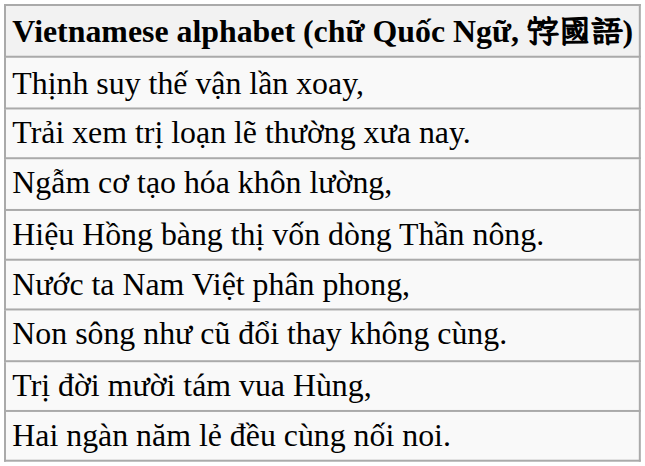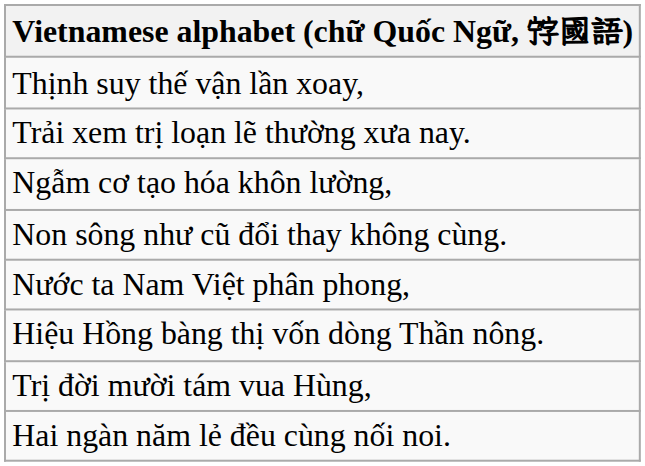 <table class="wikitable">
 <tr>
 <th>Vietnamese alphabet (chữ Quốc Ngữ, 𡨸國語)</th>
 </tr>
 <tr>
 <td>Thịnh suy thế vận lần xoay,</td>
 </tr>
 <tr>
 <td>Trải xem trị loạn lẽ thường xưa nay.</td>
 </tr>
 <tr>
 <td>Ngẫm cơ tạo hóa khôn lường,</td>
 </tr>
 <tr>
-<td>Hiệu Hồng bàng thị vốn dòng Thần nông.</td>
+<td>Non sông như cũ đổi thay không cùng.</td>
 </tr>
 <tr>
 <td>Nước ta Nam Việt phân phong,</td>
 </tr>
 <tr>
-<td>Non sông như cũ đổi thay không cùng.</td>
+<td>Hiệu Hồng bàng thị vốn dòng Thần nông.</td>
 </tr>
 <tr>
 <td>Trị đời mười tám vua Hùng,</td>
 </tr>
 <tr>
 <td>Hai ngàn năm lẻ đều cùng nối noi.</td>
 </tr>
 </table>
